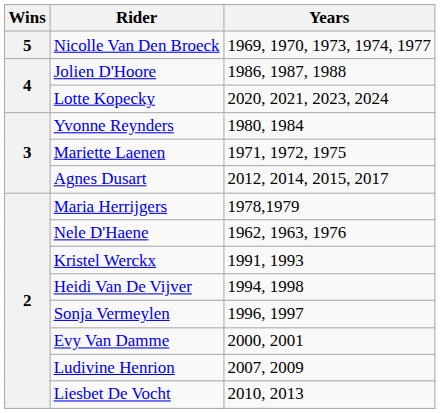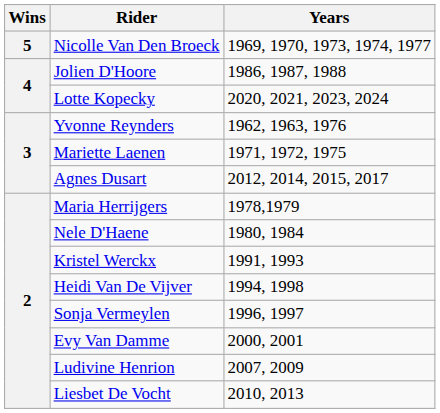 <table class="wikitable" style="text-align:left;">
 <tr>
 <th>Wins</th>
 <th>Rider</th>
 <th>Years</th>
 </tr>
 <tr>
 <th>5</th>
 <td><a href='#'>Nicolle Van Den Broeck</a></td>
 <td>1969, 1970, 1973, 1974, 1977</td>
 </tr>
 <tr>
 <th rowspan="2">4</th>
 <td><a href='#'>Jolien D'Hoore</a></td>
 <td>1986, 1987, 1988</td>
 </tr>
 <tr>
 <td><a href='#'>Lotte Kopecky</a></td>
 <td>2020, 2021, 2023, 2024</td>
 </tr>
 <tr>
 <th rowspan="3">3</th>
 <td><a href='#'>Yvonne Reynders</a></td>
-<td>1980,	1984</td>
+<td>1962, 1963, 1976</td>
 </tr>
 <tr>
 <td><a href='#'>Mariette Laenen</a></td>
 <td>1971, 1972, 1975</td>
 </tr>
 <tr>
 <td><a href='#'>Agnes Dusart</a></td>
 <td>2012, 2014, 2015, 2017</td>
 </tr>
 <tr>
 <th rowspan="8">2</th>
 <td><a href='#'>Maria Herrijgers</a></td>
 <td>1978,1979</td>
 </tr>
 <tr>
 <td><a href='#'>Nele D'Haene</a></td>
-<td>1962, 1963, 1976</td>
+<td>1980,	1984</td>
 </tr>
 <tr>
 <td><a href='#'>Kristel Werckx</a></td>
 <td>1991, 1993</td>
 </tr>
 <tr>
 <td><a href='#'>Heidi Van De Vijver</a></td>
 <td>1994, 1998</td>
 </tr>
 <tr>
 <td><a href='#'>Sonja Vermeylen</a></td>
 <td>1996, 1997</td>
 </tr>
 <tr>
 <td><a href='#'>Evy Van Damme</a></td>
 <td>2000, 2001</td>
 </tr>
 <tr>
 <td><a href='#'>Ludivine Henrion</a></td>
 <td>2007,	2009</td>
 </tr>
 <tr>
 <td><a href='#'>Liesbet De Vocht</a></td>
 <td>2010,	2013</td>
 </tr>
 </table>
